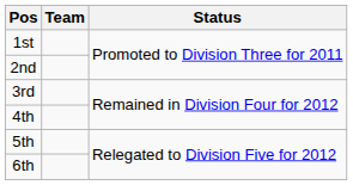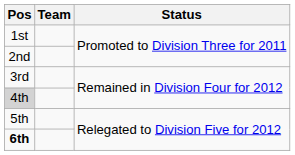 <table class="wikitable">
 <tr>
 <th>Pos</th>
 <th>Team</th>
 <th>Status</th>
 </tr>
 <tr>
 <td align="center">1st</td>
 <td></td>
 <td rowspan=2>Promoted to <a href='#'>Division Three for 2011</a></td>
 </tr>
 <tr>
 <td align="center">2nd</td>
 <td></td>
 </tr>
 <tr>
 <td align="center">3rd</td>
 <td></td>
 <td rowspan=2>Remained in <a href='#'>Division Four for 2012</a></td>
 </tr>
 <tr>
-<td align="center">4th</td>
+<td align="center" style="background: lightgrey;">4th</td>
 <td></td>
 </tr>
 <tr>
 <td align="center">5th</td>
 <td></td>
 <td rowspan=2>Relegated to <a href='#'>Division Five for 2012</a></td>
 </tr>
 <tr>
-<td align="center">6th</td>
+<td align="center"><strong>6th</strong></td>
 <td></td>
 </tr>
 </table>
